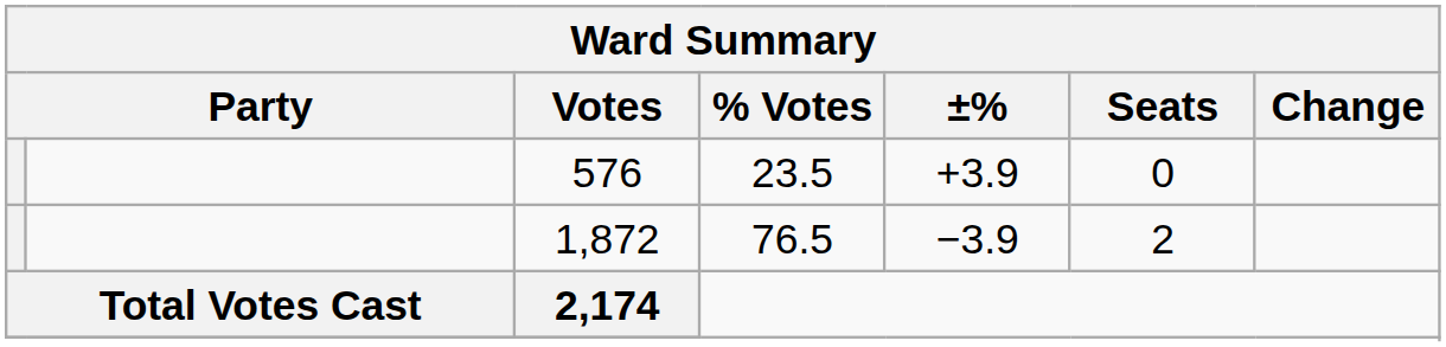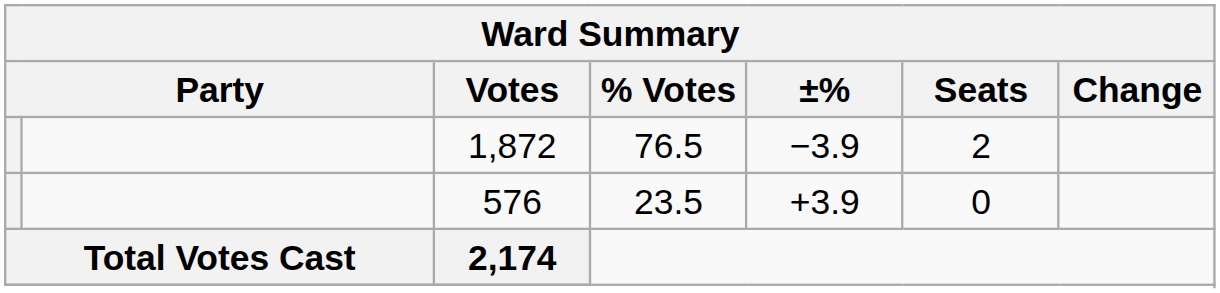 <table class="wikitable" style="font-size: 95%;">
 <tr>
 <th colspan="7">Ward Summary</th>
 </tr>
 <tr>
 <th colspan="2">Party</th>
 <th style="width: 60px">Votes</th>
 <th style="width: 60px">% Votes</th>
 <th style="width: 60px">±%</th>
 <th style="width: 60px">Seats</th>
 <th style="width: 60px">Change</th>
 </tr>
 <tr>
 <th style="background-color: "></th>
 <td style="width: 170px"><a href='#'></a></td>
-<td align="center">576</td>
-<td align="center">23.5</td>
-<td align="center">+3.9</td>
-<td align="center">0</td>
+<td align="center">1,872</td>
+<td align="center">76.5</td>
+<td align="center">−3.9</td>
+<td align="center">2</td>
 <td align="center"></td>
 </tr>
 <tr>
 <th style="background-color: "></th>
 <td style="width: 170px"><a href='#'></a></td>
-<td align="center">1,872</td>
-<td align="center">76.5</td>
-<td align="center">−3.9</td>
-<td align="center">2</td>
+<td align="center">576</td>
+<td align="center">23.5</td>
+<td align="center">+3.9</td>
+<td align="center">0</td>
 <td align="center"></td>
 </tr>
 <tr style="background-color:#E9E9E9">
 <th colspan="2">Total Votes Cast</th>
 <th style="width: 60px">2,174</th>
 </tr>
 <tr style="background-color:#E9E9E9">
 </tr>
 </table>
